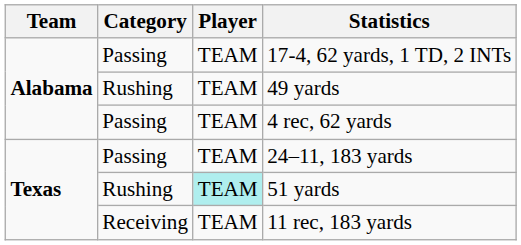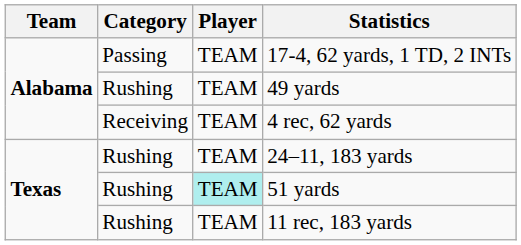 <table class="wikitable" style="float: right;">
 <tr>
 <th>Team</th>
 <th>Category</th>
 <th>Player</th>
 <th>Statistics</th>
 </tr>
 <tr>
 <td rowspan=3><strong>Alabama</strong></td>
 <td>Passing</td>
 <td>TEAM</td>
 <td>17-4, 62 yards, 1 TD, 2 INTs</td>
 </tr>
 <tr>
 <td>Rushing</td>
 <td>TEAM</td>
 <td>49 yards</td>
 </tr>
 <tr>
-<td>Passing</td>
+<td>Receiving</td>
 <td>TEAM</td>
 <td>4 rec, 62 yards</td>
 </tr>
 <tr>
 <td rowspan=3><strong>Texas</strong></td>
-<td>Passing</td>
+<td>Rushing</td>
 <td>TEAM</td>
 <td>24–11, 183 yards</td>
 </tr>
 <tr>
 <td>Rushing</td>
 <td style="background: paleturquoise;">TEAM</td>
 <td>51 yards</td>
 </tr>
 <tr>
-<td>Receiving</td>
+<td>Rushing</td>
 <td>TEAM</td>
 <td>11 rec, 183 yards</td>
 </tr>
 </table>
